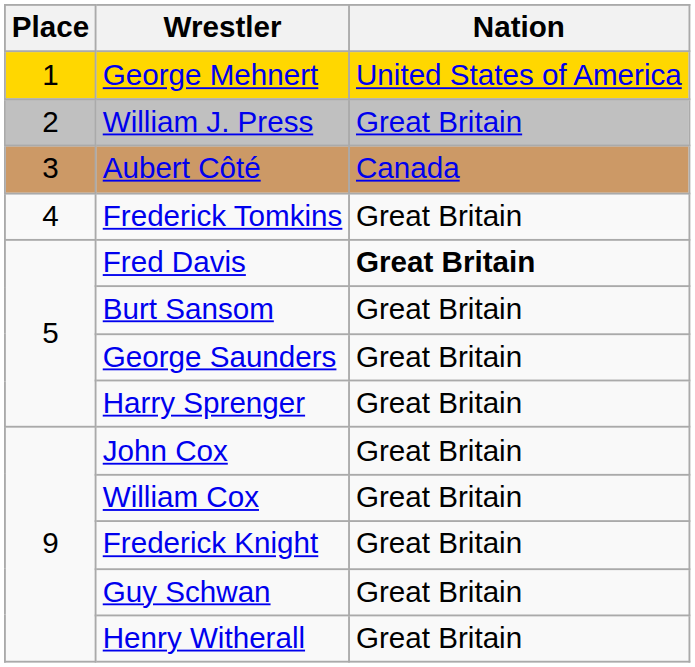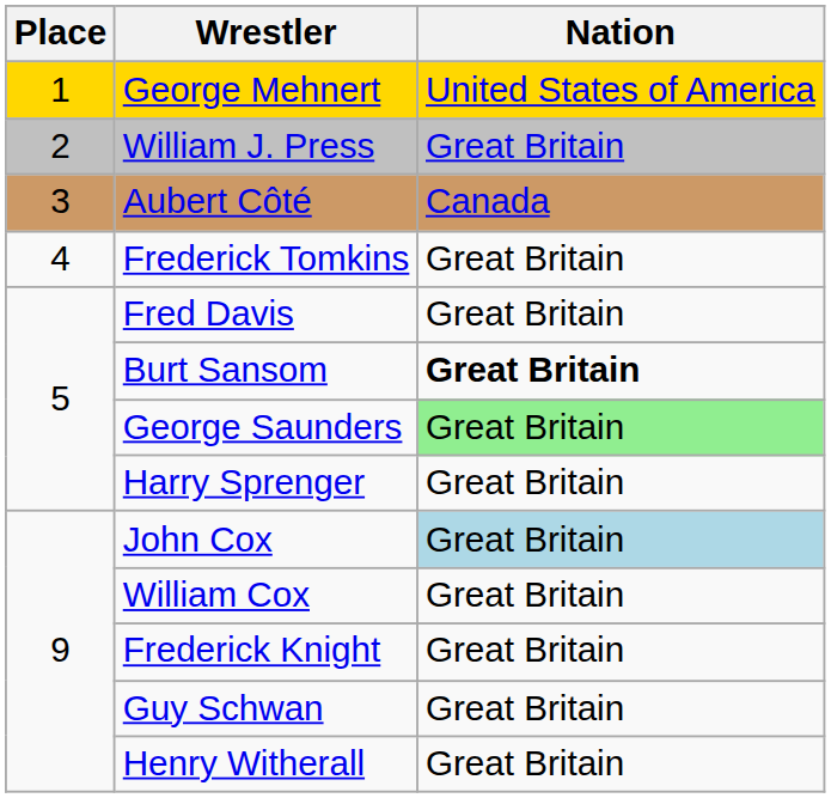 <table class=wikitable>
 <tr>
 <th>Place</th>
 <th>Wrestler</th>
 <th>Nation</th>
 </tr>
 <tr bgcolor=gold>
 <td align=center>1</td>
 <td><a href='#'>George Mehnert</a></td>
 <td> <a href='#'>United States of America</a></td>
 </tr>
 <tr bgcolor=silver>
 <td align=center>2</td>
 <td><a href='#'>William J. Press</a></td>
 <td> <a href='#'>Great Britain</a></td>
 </tr>
 <tr bgcolor=cc9966>
 <td align=center>3</td>
 <td><a href='#'>Aubert Côté</a></td>
 <td> <a href='#'>Canada</a></td>
 </tr>
 <tr>
 <td align=center>4</td>
 <td><a href='#'>Frederick Tomkins</a></td>
 <td> Great Britain</td>
 </tr>
 <tr>
 <td align=center rowspan=4>5</td>
 <td><a href='#'>Fred Davis</a></td>
+<td> Great Britain</td>
+</tr>
+<tr>
+<td><a href='#'>Burt Sansom</a></td>
 <td><strong> Great Britain</strong></td>
 </tr>
 <tr>
-<td><a href='#'>Burt Sansom</a></td>
-<td> Great Britain</td>
-</tr>
-<tr>
 <td><a href='#'>George Saunders</a></td>
-<td> Great Britain</td>
+<td style="background: lightgreen;"> Great Britain</td>
 </tr>
 <tr>
 <td><a href='#'>Harry Sprenger</a></td>
 <td> Great Britain</td>
 </tr>
 <tr>
 <td align=center rowspan=5>9</td>
 <td><a href='#'>John Cox</a></td>
-<td> Great Britain</td>
+<td style="background: lightblue;"> Great Britain</td>
 </tr>
 <tr>
 <td><a href='#'>William Cox</a></td>
 <td> Great Britain</td>
 </tr>
 <tr>
 <td><a href='#'>Frederick Knight</a></td>
 <td> Great Britain</td>
 </tr>
 <tr>
 <td><a href='#'>Guy Schwan</a></td>
 <td> Great Britain</td>
 </tr>
 <tr>
 <td><a href='#'>Henry Witherall</a></td>
 <td> Great Britain</td>
 </tr>
 </table>
